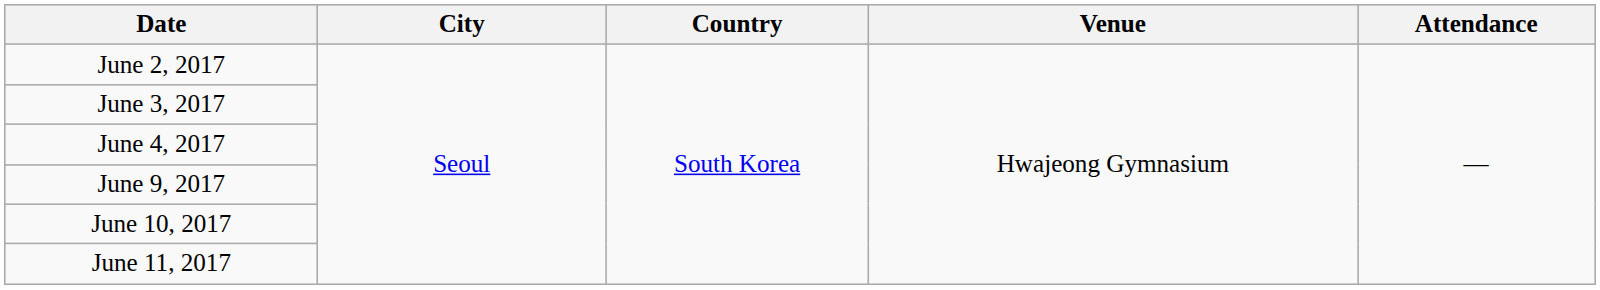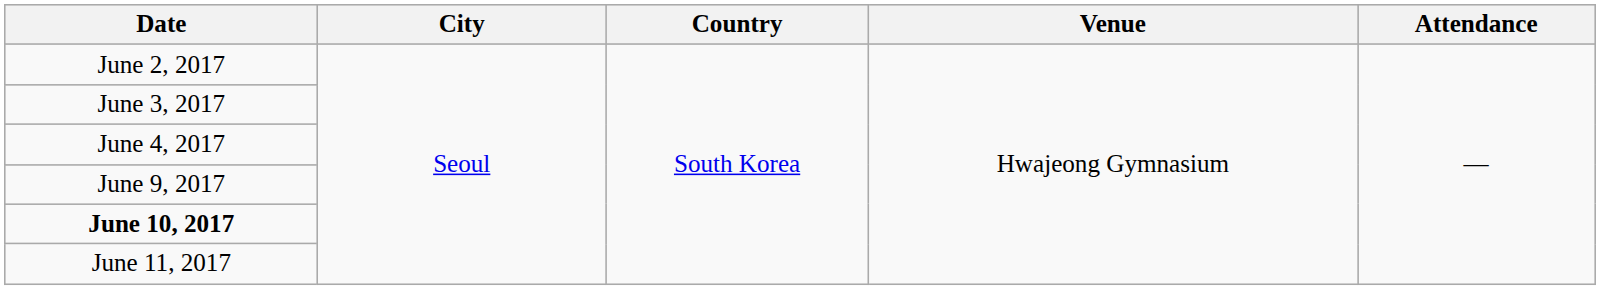 <table class="wikitable" style="text-align:center;">
 <tr>
 <th scope="col" style="width:12em;">Date</th>
 <th scope="col" style="width:11em;">City</th>
 <th scope="col" style="width:10em;">Country</th>
 <th scope="col" style="width:19em;">Venue</th>
 <th scope="col" style="width:9em;">Attendance</th>
 </tr>
 <tr>
 <td>June 2, 2017</td>
 <td rowspan="6"><a href='#'>Seoul</a></td>
 <td rowspan="6"><a href='#'>South Korea</a></td>
 <td rowspan="6">Hwajeong Gymnasium</td>
 <td rowspan="6">—</td>
 </tr>
 <tr>
 <td>June 3, 2017</td>
 </tr>
 <tr>
 <td>June 4, 2017</td>
 </tr>
 <tr>
 <td>June 9, 2017</td>
 </tr>
 <tr>
-<td>June 10, 2017</td>
+<td><strong>June 10, 2017</strong></td>
 </tr>
 <tr>
 <td>June 11, 2017</td>
 </tr>
 </table>
